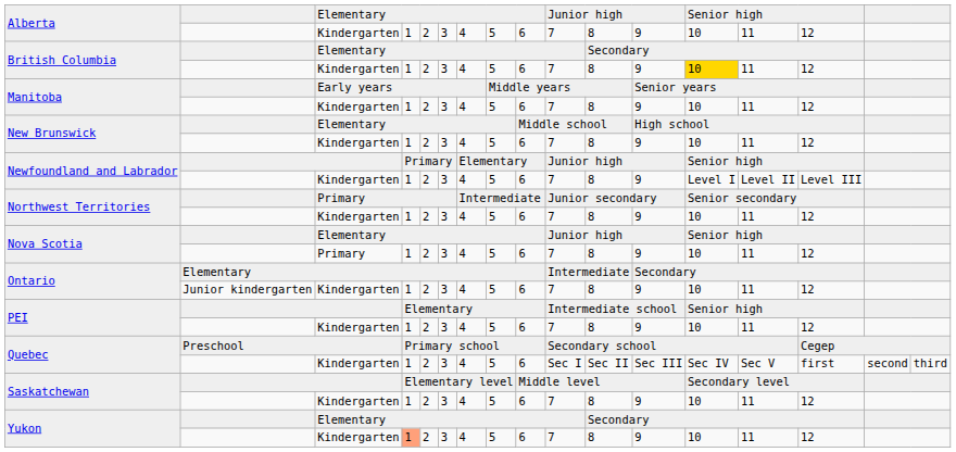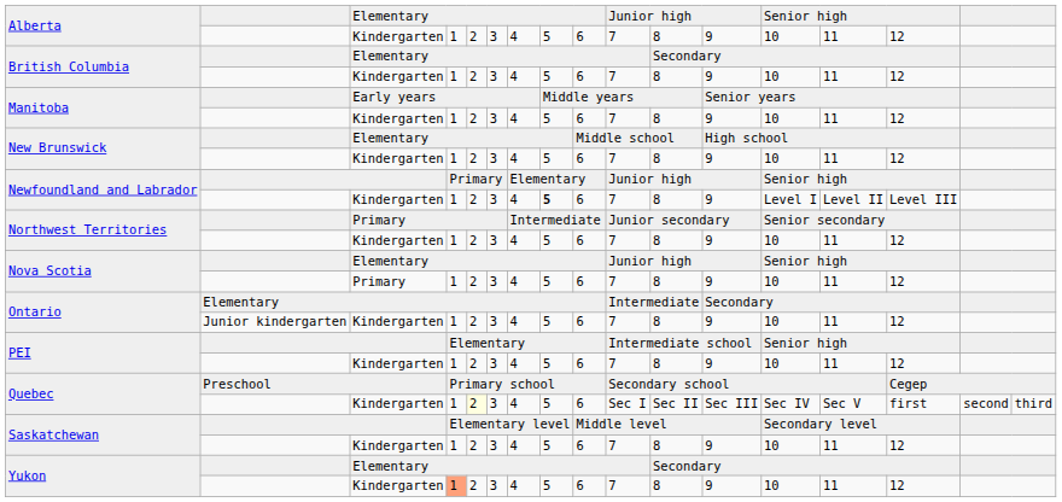 <table class="wikitable">
 <tr style="background: #efefef">
 <td rowspan = "2"><a href='#'>Alberta</a></td>
 <td> </td>
 <td colspan = "7">Elementary</td>
 <td colspan = "3">Junior high</td>
 <td colspan = "3">Senior high</td>
 <td colspan="2"></td>
 </tr>
 <tr>
 <td colpos=2> </td>
 <td>Kindergarten</td>
 <td>1</td>
 <td>2</td>
 <td>3</td>
 <td>4</td>
 <td>5</td>
 <td>6</td>
 <td>7</td>
 <td>8</td>
 <td>9</td>
 <td>10</td>
 <td>11</td>
 <td>12</td>
 <td colspan="2"></td>
 </tr>
 <tr style="background: #efefef">
 <td rowspan = "2"><a href='#'>British Columbia</a></td>
 <td colspan = "1"> </td>
 <td colspan = "8">Elementary</td>
 <td colspan="5">Secondary</td>
 <td colspan="2"></td>
 </tr>
 <tr>
 <td colpos=2> </td>
 <td>Kindergarten</td>
 <td>1</td>
 <td>2</td>
 <td>3</td>
 <td>4</td>
 <td>5</td>
 <td>6</td>
 <td>7</td>
 <td>8</td>
 <td>9</td>
-<td style="background: gold;">10</td>
+<td>10</td>
 <td>11</td>
 <td>12</td>
 <td colspan="2"></td>
 </tr>
 <tr style="background: #efefef">
 <td rowspan = "2"><a href='#'>Manitoba</a></td>
 <td> </td>
 <td colspan = "5">Early years</td>
 <td colspan = "4">Middle years</td>
 <td colspan = "4">Senior years</td>
 <td colspan="2"></td>
 </tr>
 <tr>
 <td colpos=2> </td>
 <td>Kindergarten</td>
 <td>1</td>
 <td>2</td>
 <td>3</td>
 <td>4</td>
 <td>5</td>
 <td>6</td>
 <td>7</td>
 <td>8</td>
 <td>9</td>
 <td>10</td>
 <td>11</td>
 <td>12</td>
 <td colspan="2"></td>
 </tr>
 <tr style="background: #efefef">
 <td rowspan = "2"><a href='#'>New Brunswick</a></td>
 <td> </td>
 <td colspan = "6">Elementary</td>
 <td colspan = "3">Middle school</td>
 <td colspan = "4">High school</td>
 <td colspan="2"></td>
 </tr>
 <tr>
 <td colpos=2> </td>
 <td>Kindergarten</td>
 <td>1</td>
 <td>2</td>
 <td>3</td>
 <td>4</td>
 <td>5</td>
 <td>6</td>
 <td>7</td>
 <td>8</td>
 <td>9</td>
 <td>10</td>
 <td>11</td>
 <td>12</td>
 <td colspan="2"></td>
 </tr>
 <tr style="background: #efefef;">
 <td rowspan = "2"><a href='#'>Newfoundland and Labrador</a></td>
 <td colspan = "2"> </td>
 <td colspan = "3">Primary</td>
 <td colspan = "3">Elementary</td>
 <td colspan = "3">Junior high</td>
 <td colspan = "3">Senior high</td>
 <td colspan="2"></td>
 </tr>
 <tr>
 <td colpos=2> </td>
 <td>Kindergarten</td>
 <td>1</td>
 <td>2</td>
 <td>3</td>
 <td>4</td>
-<td>5</td>
+<td><strong>5</strong></td>
 <td>6</td>
 <td>7</td>
 <td>8</td>
 <td>9</td>
 <td nowrap="nowrap">Level I</td>
 <td nowrap="nowrap">Level II</td>
 <td nowrap="nowrap">Level III</td>
 <td colspan="2"></td>
 </tr>
 <tr style="background: #efefef">
 <td rowspan = "2"><a href='#'>Northwest Territories</a></td>
 <td> </td>
 <td colspan = "4">Primary</td>
 <td colspan = "3">Intermediate</td>
 <td colspan = "3">Junior secondary</td>
 <td colspan = "3">Senior secondary</td>
 <td colspan="2"></td>
 </tr>
 <tr>
 <td colpos=2> </td>
 <td>Kindergarten</td>
 <td>1</td>
 <td>2</td>
 <td>3</td>
 <td>4</td>
 <td>5</td>
 <td>6</td>
 <td>7</td>
 <td>8</td>
 <td>9</td>
 <td>10</td>
 <td>11</td>
 <td>12</td>
 <td colspan="2"></td>
 </tr>
 <tr style="background: #efefef">
 <td rowspan = "2"><a href='#'>Nova Scotia</a></td>
 <td> </td>
 <td colspan = "7">Elementary</td>
 <td colspan = "3">Junior high</td>
 <td colspan = "3">Senior high</td>
 <td colspan="2"></td>
 </tr>
 <tr>
 <td colpos=2> </td>
 <td>Primary</td>
 <td>1</td>
 <td>2</td>
 <td>3</td>
 <td>4</td>
 <td>5</td>
 <td>6</td>
 <td>7</td>
 <td>8</td>
 <td>9</td>
 <td>10</td>
 <td>11</td>
 <td>12</td>
 <td colspan="2"></td>
 </tr>
 <tr style="background: #efefef;">
 <td rowspan = "2"><a href='#'>Ontario</a></td>
 <td colspan = "8">Elementary</td>
 <td colspan = "2">Intermediate</td>
 <td colspan = "4">Secondary</td>
 <td colspan="2"></td>
 </tr>
 <tr>
 <td colpos=2>Junior kindergarten</td>
 <td>Kindergarten</td>
 <td>1</td>
 <td>2</td>
 <td>3</td>
 <td>4</td>
 <td>5</td>
 <td>6</td>
 <td>7</td>
 <td>8</td>
 <td>9</td>
 <td>10</td>
 <td>11</td>
 <td>12</td>
 <td colspan="2"></td>
 </tr>
 <tr style="background: #efefef">
 <td rowspan = "2"><a href='#'>PEI</a></td>
 <td colspan = "2"> </td>
 <td colspan = "6">Elementary</td>
 <td colspan = "3">Intermediate school</td>
 <td colspan = "3">Senior high</td>
 <td colspan="2"></td>
 </tr>
 <tr>
 <td colpos=2> </td>
 <td>Kindergarten</td>
 <td>1</td>
 <td>2</td>
 <td>3</td>
 <td>4</td>
 <td>5</td>
 <td>6</td>
 <td>7</td>
 <td>8</td>
 <td>9</td>
 <td>10</td>
 <td>11</td>
 <td>12</td>
 <td colspan="2"></td>
 </tr>
 <tr style="background: #efefef;">
 <td rowspan = "2"><a href='#'>Quebec</a></td>
 <td colspan = "2">Preschool</td>
 <td colspan = "6">Primary school</td>
 <td colspan = "5">Secondary school</td>
 <td colspan = "3">Cegep</td>
 </tr>
 <tr>
 <td colpos=2></td>
 <td>Kindergarten</td>
 <td>1</td>
-<td>2</td>
+<td style="background: lightyellow;">2</td>
 <td>3</td>
 <td>4</td>
 <td>5</td>
 <td>6</td>
 <td nowrap="nowrap">Sec I</td>
 <td nowrap="nowrap">Sec II</td>
 <td nowrap="nowrap">Sec III</td>
 <td nowrap="nowrap">Sec IV</td>
 <td nowrap="nowrap">Sec V</td>
 <td>first</td>
 <td>second</td>
 <td>third</td>
 </tr>
 <tr style="background: #efefef">
 <td rowspan = "2"><a href='#'>Saskatchewan</a></td>
 <td colspan = "2"> </td>
 <td colspan = "5">Elementary level</td>
 <td colspan = "4">Middle level</td>
 <td colspan = "3">Secondary level</td>
 <td colspan="2"></td>
 </tr>
 <tr>
 <td colpos=2> </td>
 <td>Kindergarten</td>
 <td>1</td>
 <td>2</td>
 <td>3</td>
 <td>4</td>
 <td>5</td>
 <td>6</td>
 <td>7</td>
 <td>8</td>
 <td>9</td>
 <td>10</td>
 <td>11</td>
 <td>12</td>
 <td colspan="2"></td>
 </tr>
 <tr style="background: #efefef">
 <td rowspan = "2"><a href='#'>Yukon</a></td>
 <td colspan = "1"> </td>
 <td colspan = "8">Elementary</td>
 <td colspan = "5">Secondary</td>
 <td colspan="2"></td>
 </tr>
 <tr>
 <td colpos=2> </td>
 <td>Kindergarten</td>
 <td style="background: lightsalmon;">1</td>
 <td>2</td>
 <td>3</td>
 <td>4</td>
 <td>5</td>
 <td>6</td>
 <td>7</td>
 <td>8</td>
 <td>9</td>
 <td>10</td>
 <td>11</td>
 <td>12</td>
 <td colspan="2"></td>
 </tr>
 </table>
